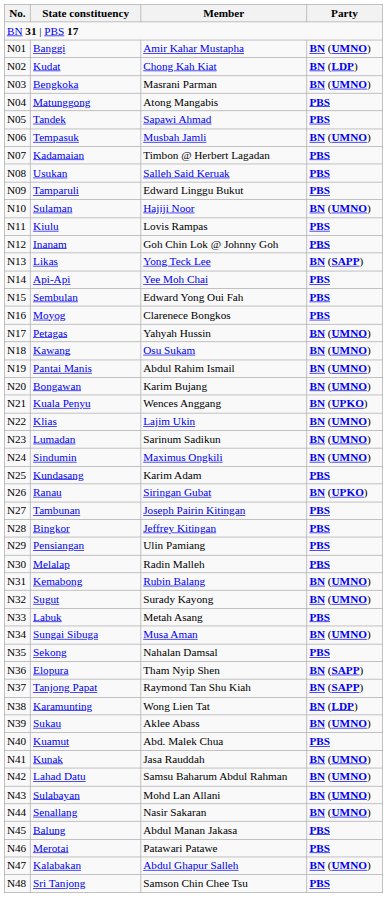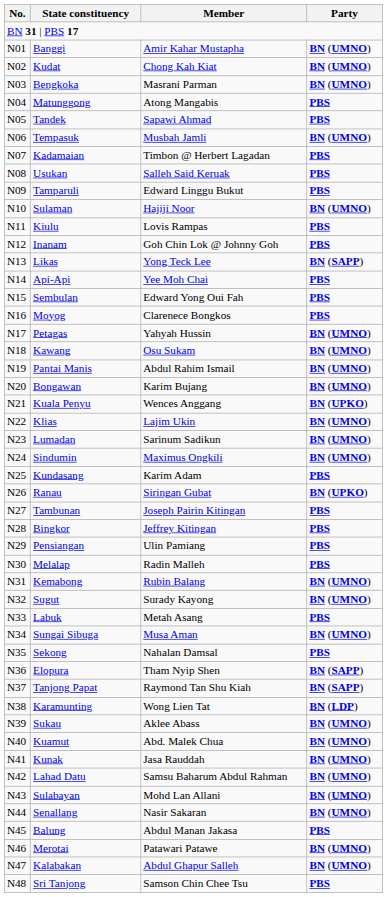 <table class="wikitable sortable">
 <tr>
 <th style="width:30px;">No.</th>
 <th style="width:150px;">State constituency</th>
 <th style="width:230px;">Member</th>
 <th style="width:100px;">Party</th>
 </tr>
 <tr>
 <td colspan="4"><a href='#'>BN</a> <strong>31</strong> | <a href='#'>PBS</a> <strong>17</strong></td>
 </tr>
 <tr>
 <td>N01</td>
 <td><a href='#'>Banggi</a></td>
 <td><a href='#'>Amir Kahar Mustapha</a></td>
 <td><strong><a href='#'>BN</a></strong> (<strong><a href='#'>UMNO</a></strong>)</td>
 </tr>
 <tr>
 <td>N02</td>
 <td><a href='#'>Kudat</a></td>
 <td><a href='#'>Chong Kah Kiat</a></td>
-<td><strong><a href='#'>BN</a></strong> (<strong><a href='#'>LDP</a></strong>)</td>
+<td><strong><a href='#'>BN</a></strong> (<strong><a href='#'>UMNO</a></strong>)</td>
 </tr>
 <tr>
 <td>N03</td>
 <td><a href='#'>Bengkoka</a></td>
 <td>Masrani Parman</td>
 <td><strong><a href='#'>BN</a></strong> (<strong><a href='#'>UMNO</a></strong>)</td>
 </tr>
 <tr>
 <td>N04</td>
 <td><a href='#'>Matunggong</a></td>
 <td>Atong Mangabis</td>
 <td><strong><a href='#'>PBS</a></strong></td>
 </tr>
 <tr>
 <td>N05</td>
 <td><a href='#'>Tandek</a></td>
 <td><a href='#'>Sapawi Ahmad</a></td>
 <td><strong><a href='#'>PBS</a></strong></td>
 </tr>
 <tr>
 <td>N06</td>
 <td><a href='#'>Tempasuk</a></td>
 <td><a href='#'>Musbah Jamli</a></td>
 <td><strong><a href='#'>BN</a></strong> (<strong><a href='#'>UMNO</a></strong>)</td>
 </tr>
 <tr>
 <td>N07</td>
 <td><a href='#'>Kadamaian</a></td>
 <td>Timbon @ Herbert Lagadan</td>
 <td><strong><a href='#'>PBS</a></strong></td>
 </tr>
 <tr>
 <td>N08</td>
 <td><a href='#'>Usukan</a></td>
 <td><a href='#'>Salleh Said Keruak</a></td>
 <td><strong><a href='#'>PBS</a></strong></td>
 </tr>
 <tr>
 <td>N09</td>
 <td><a href='#'>Tamparuli</a></td>
 <td>Edward Linggu Bukut</td>
 <td><strong><a href='#'>PBS</a></strong></td>
 </tr>
 <tr>
 <td>N10</td>
 <td><a href='#'>Sulaman</a></td>
 <td><a href='#'>Hajiji Noor</a></td>
 <td><strong><a href='#'>BN</a></strong> (<strong><a href='#'>UMNO</a></strong>)</td>
 </tr>
 <tr>
 <td>N11</td>
 <td><a href='#'>Kiulu</a></td>
 <td>Lovis Rampas</td>
 <td><strong><a href='#'>PBS</a></strong></td>
 </tr>
 <tr>
 <td>N12</td>
 <td><a href='#'>Inanam</a></td>
 <td>Goh Chin Lok @ Johnny Goh</td>
 <td><strong><a href='#'>PBS</a></strong></td>
 </tr>
 <tr>
 <td>N13</td>
 <td><a href='#'>Likas</a></td>
 <td><a href='#'>Yong Teck Lee</a> </td>
 <td><strong><a href='#'>BN</a></strong> (<strong><a href='#'>SAPP</a></strong>)</td>
 </tr>
 <tr>
 <td>N14</td>
 <td><a href='#'>Api-Api</a></td>
 <td><a href='#'>Yee Moh Chai</a></td>
 <td><strong><a href='#'>PBS</a></strong></td>
 </tr>
 <tr>
 <td>N15</td>
 <td><a href='#'>Sembulan</a></td>
 <td>Edward Yong Oui Fah</td>
 <td><strong><a href='#'>PBS</a></strong></td>
 </tr>
 <tr>
 <td>N16</td>
 <td><a href='#'>Moyog</a></td>
 <td>Clarenece Bongkos</td>
 <td><strong><a href='#'>PBS</a></strong></td>
 </tr>
 <tr>
 <td>N17</td>
 <td><a href='#'>Petagas</a></td>
 <td>Yahyah Hussin</td>
 <td><strong><a href='#'>BN</a></strong> (<strong><a href='#'>UMNO</a></strong>)</td>
 </tr>
 <tr>
 <td>N18</td>
 <td><a href='#'>Kawang</a></td>
 <td><a href='#'>Osu Sukam</a></td>
 <td><strong><a href='#'>BN</a></strong> (<strong><a href='#'>UMNO</a></strong>)</td>
 </tr>
 <tr>
 <td>N19</td>
 <td><a href='#'>Pantai Manis</a></td>
 <td>Abdul Rahim Ismail</td>
 <td><strong><a href='#'>BN</a></strong> (<strong><a href='#'>UMNO</a></strong>)</td>
 </tr>
 <tr>
 <td>N20</td>
 <td><a href='#'>Bongawan</a></td>
 <td>Karim Bujang</td>
 <td><strong><a href='#'>BN</a></strong> (<strong><a href='#'>UMNO</a></strong>)</td>
 </tr>
 <tr>
 <td>N21</td>
 <td><a href='#'>Kuala Penyu</a></td>
 <td>Wences Anggang</td>
 <td><strong><a href='#'>BN</a></strong> (<strong><a href='#'>UPKO</a></strong>)</td>
 </tr>
 <tr>
 <td>N22</td>
 <td><a href='#'>Klias</a></td>
 <td><a href='#'>Lajim Ukin</a></td>
 <td><strong><a href='#'>BN</a></strong> (<strong><a href='#'>UMNO</a></strong>)</td>
 </tr>
 <tr>
 <td>N23</td>
 <td><a href='#'>Lumadan</a></td>
 <td>Sarinum Sadikun</td>
 <td><strong><a href='#'>BN</a></strong> (<strong><a href='#'>UMNO</a></strong>)</td>
 </tr>
 <tr>
 <td>N24</td>
 <td><a href='#'>Sindumin</a></td>
 <td><a href='#'>Maximus Ongkili</a></td>
 <td><strong><a href='#'>BN</a></strong> (<strong><a href='#'>UMNO</a></strong>)</td>
 </tr>
 <tr>
 <td>N25</td>
 <td><a href='#'>Kundasang</a></td>
 <td>Karim Adam</td>
 <td><strong><a href='#'>PBS</a></strong></td>
 </tr>
 <tr>
 <td>N26</td>
 <td><a href='#'>Ranau</a></td>
 <td><a href='#'>Siringan Gubat</a></td>
 <td><strong><a href='#'>BN</a></strong> (<strong><a href='#'>UPKO</a></strong>)</td>
 </tr>
 <tr>
 <td>N27</td>
 <td><a href='#'>Tambunan</a></td>
 <td><a href='#'>Joseph Pairin Kitingan</a></td>
 <td><strong><a href='#'>PBS</a></strong></td>
 </tr>
 <tr>
 <td>N28</td>
 <td><a href='#'>Bingkor</a></td>
 <td><a href='#'>Jeffrey Kitingan</a></td>
 <td><strong><a href='#'>PBS</a></strong></td>
 </tr>
 <tr>
 <td>N29</td>
 <td><a href='#'>Pensiangan</a></td>
 <td>Ulin Pamiang</td>
 <td><strong><a href='#'>PBS</a></strong></td>
 </tr>
 <tr>
 <td>N30</td>
 <td><a href='#'>Melalap</a></td>
 <td>Radin Malleh</td>
 <td><strong><a href='#'>PBS</a></strong></td>
 </tr>
 <tr>
 <td>N31</td>
 <td><a href='#'>Kemabong</a></td>
 <td><a href='#'>Rubin Balang</a></td>
 <td><strong><a href='#'>BN</a></strong> (<strong><a href='#'>UMNO</a></strong>)</td>
 </tr>
 <tr>
 <td>N32</td>
 <td><a href='#'>Sugut</a></td>
 <td>Surady Kayong</td>
 <td><strong><a href='#'>BN</a></strong> (<strong><a href='#'>UMNO</a></strong>)</td>
 </tr>
 <tr>
 <td>N33</td>
 <td><a href='#'>Labuk</a></td>
 <td>Metah Asang</td>
 <td><strong><a href='#'>PBS</a></strong></td>
 </tr>
 <tr>
 <td>N34</td>
 <td><a href='#'>Sungai Sibuga</a></td>
 <td><a href='#'>Musa Aman</a></td>
 <td><strong><a href='#'>BN</a></strong> (<strong><a href='#'>UMNO</a></strong>)</td>
 </tr>
 <tr>
 <td>N35</td>
 <td><a href='#'>Sekong</a></td>
 <td>Nahalan Damsal</td>
 <td><strong><a href='#'>PBS</a></strong></td>
 </tr>
 <tr>
 <td>N36</td>
 <td><a href='#'>Elopura</a></td>
 <td>Tham Nyip Shen</td>
 <td><strong><a href='#'>BN</a></strong> (<strong><a href='#'>SAPP</a></strong>)</td>
 </tr>
 <tr>
 <td>N37</td>
 <td><a href='#'>Tanjong Papat</a></td>
 <td>Raymond Tan Shu Kiah</td>
 <td><strong><a href='#'>BN</a></strong> (<strong><a href='#'>SAPP</a></strong>)</td>
 </tr>
 <tr>
 <td>N38</td>
 <td><a href='#'>Karamunting</a></td>
 <td>Wong Lien Tat</td>
 <td><strong><a href='#'>BN</a></strong> (<strong><a href='#'>LDP</a></strong>)</td>
 </tr>
 <tr>
 <td>N39</td>
 <td><a href='#'>Sukau</a></td>
 <td>Aklee Abass</td>
 <td><strong><a href='#'>BN</a></strong> (<strong><a href='#'>UMNO</a></strong>)</td>
 </tr>
 <tr>
 <td>N40</td>
 <td><a href='#'>Kuamut</a></td>
 <td>Abd. Malek Chua</td>
-<td><strong><a href='#'>PBS</a></strong></td>
+<td><strong><a href='#'>BN</a></strong> (<strong><a href='#'>UMNO</a></strong>)</td>
 </tr>
 <tr>
 <td>N41</td>
 <td><a href='#'>Kunak</a></td>
 <td>Jasa Rauddah</td>
 <td><strong><a href='#'>BN</a></strong> (<strong><a href='#'>UMNO</a></strong>)</td>
 </tr>
 <tr>
 <td>N42</td>
 <td><a href='#'>Lahad Datu</a></td>
 <td>Samsu Baharum Abdul Rahman</td>
 <td><strong><a href='#'>BN</a></strong> (<strong><a href='#'>UMNO</a></strong>)</td>
 </tr>
 <tr>
 <td>N43</td>
 <td><a href='#'>Sulabayan</a></td>
 <td>Mohd Lan Allani</td>
 <td><strong><a href='#'>BN</a></strong> (<strong><a href='#'>UMNO</a></strong>)</td>
 </tr>
 <tr>
 <td>N44</td>
 <td><a href='#'>Senallang</a></td>
 <td>Nasir Sakaran</td>
 <td><strong><a href='#'>BN</a></strong> (<strong><a href='#'>UMNO</a></strong>)</td>
 </tr>
 <tr>
 <td>N45</td>
 <td><a href='#'>Balung</a></td>
 <td>Abdul Manan Jakasa</td>
 <td><strong><a href='#'>PBS</a></strong></td>
 </tr>
 <tr>
 <td>N46</td>
 <td><a href='#'>Merotai</a></td>
 <td>Patawari Patawe</td>
-<td><strong><a href='#'>PBS</a></strong></td>
+<td><strong><a href='#'>BN</a></strong> (<strong><a href='#'>UMNO</a></strong>)</td>
 </tr>
 <tr>
 <td>N47</td>
 <td><a href='#'>Kalabakan</a></td>
 <td><a href='#'>Abdul Ghapur Salleh</a></td>
 <td><strong><a href='#'>BN</a></strong> (<strong><a href='#'>UMNO</a></strong>)</td>
 </tr>
 <tr>
 <td>N48</td>
 <td><a href='#'>Sri Tanjong</a></td>
 <td>Samson Chin Chee Tsu</td>
 <td><strong><a href='#'>PBS</a></strong></td>
 </tr>
 </table>
